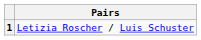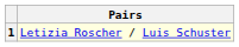 <table class="wikitable">
 <tr>
 <th></th>
 <th>Pairs</th>
 </tr>
 <tr>
 <th>1</th>
-<td><a href='#'>Letizia Roscher</a> / <a href='#'>Luis Schuster</a></td>
+<td style="background: lightyellow;"><a href='#'>Letizia Roscher</a> / <a href='#'>Luis Schuster</a></td>
 </tr>
 </table>
